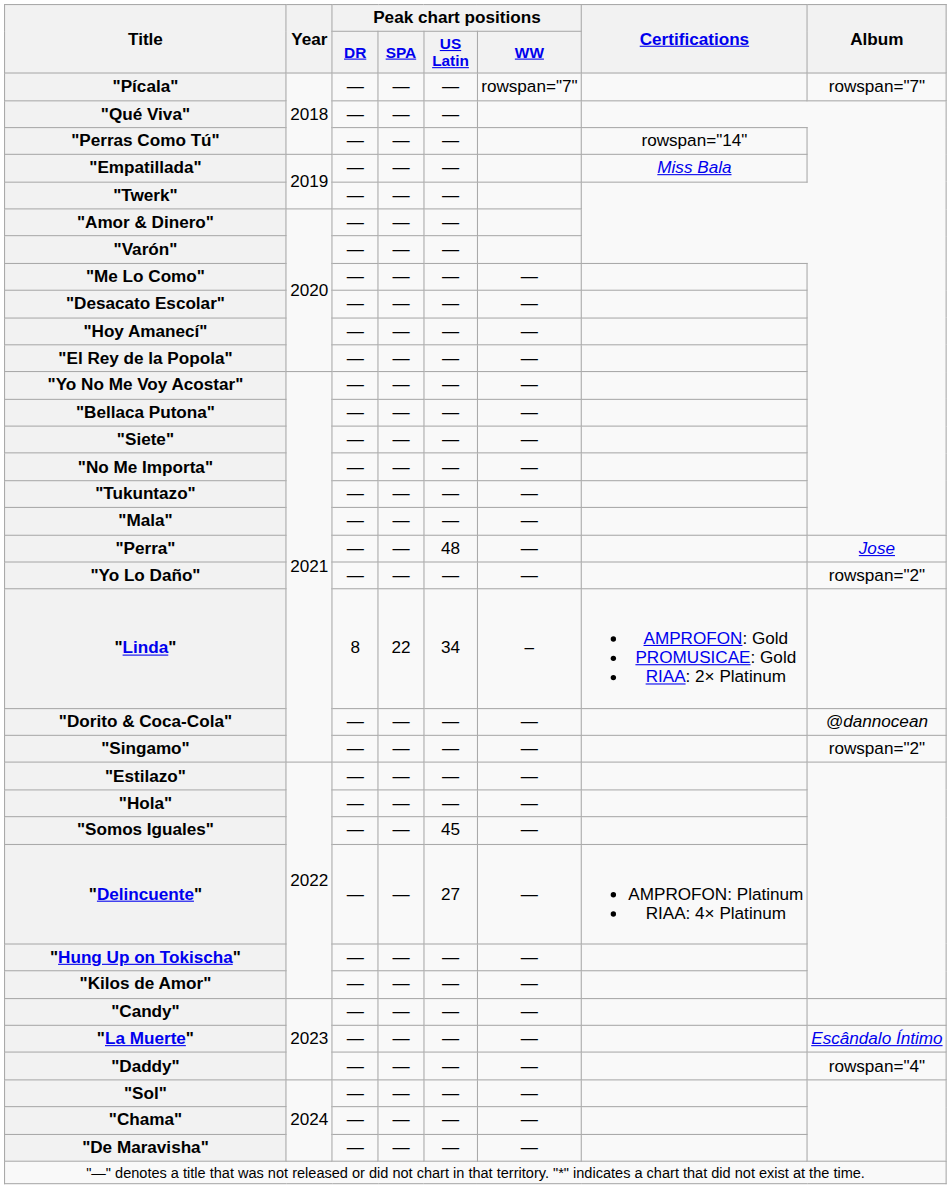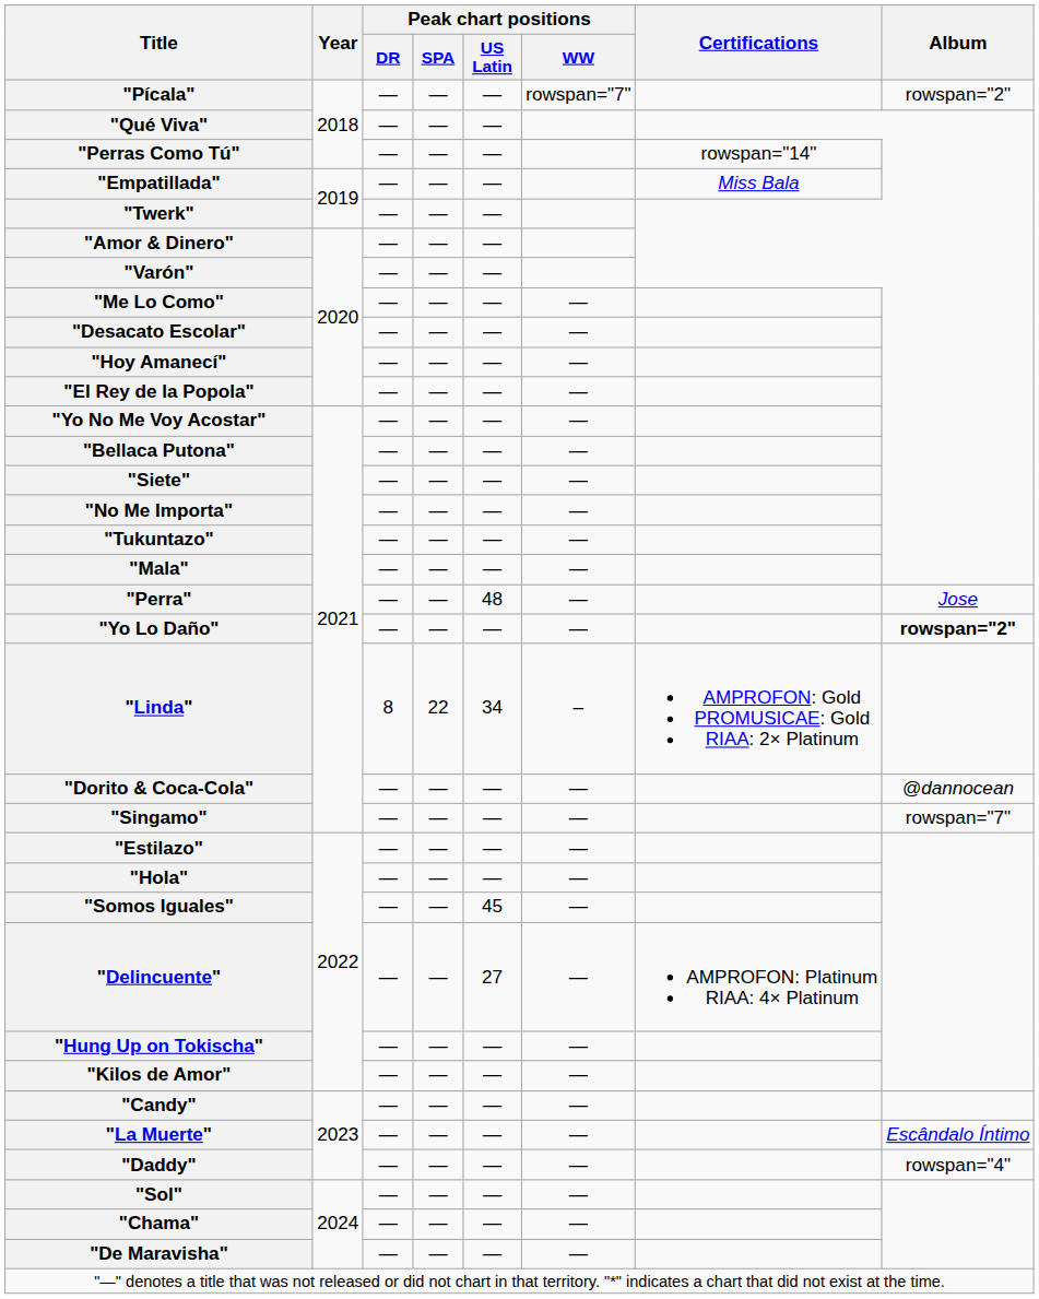 <table class="wikitable plainrowheaders" style="text-align:center">
 <tr>
 <th rowspan="2" scope="col" style="width:16em">Title</th>
 <th rowspan="2" scope="col" style="width:1em">Year</th>
 <th colspan="4" scope="col">Peak chart positions</th>
 <th rowspan="2" scope="col"><a href='#'>Certifications</a></th>
 <th rowspan="2" scope="col">Album</th>
 </tr>
 <tr>
 <th scope="col" style="width:2.5em;font-size:90%"><a href='#'>DR</a><br></th>
 <th scope="col" style="width:2.5em;font-size:90%"><a href='#'>SPA</a><br></th>
 <th scope="col" style="width:3em;font-size:90%;"><a href='#'>US<br>Latin</a><br></th>
 <th scope="col" style="width:3em;font-size:90%;"><a href='#'>WW</a></th>
 </tr>
 <tr>
 <th scope="row">"Pícala"<br></th>
 <td rowspan="3">2018</td>
 <td>—</td>
 <td>—</td>
 <td>—</td>
 <td>rowspan="7" </td>
 <td></td>
-<td>rowspan="7" </td>
+<td>rowspan="2" </td>
 </tr>
 <tr>
 <th scope="row">"Qué Viva"<br></th>
 <td>—</td>
 <td>—</td>
 <td>—</td>
 <td></td>
 </tr>
 <tr>
 <th scope="row">"Perras Como Tú"<br></th>
 <td>—</td>
 <td>—</td>
 <td>—</td>
 <td></td>
 <td>rowspan="14" </td>
 </tr>
 <tr>
 <th scope="row">"Empatillada"<br></th>
 <td rowspan="2">2019</td>
 <td>—</td>
 <td>—</td>
 <td>—</td>
 <td></td>
 <td><em><a href='#'>Miss Bala</a></em></td>
 </tr>
 <tr>
 <th scope="row">"Twerk"<br></th>
 <td>—</td>
 <td>—</td>
 <td>—</td>
 <td></td>
 </tr>
 <tr>
 <th scope="row">"Amor & Dinero"<br></th>
 <td rowspan="6">2020</td>
 <td>—</td>
 <td>—</td>
 <td>—</td>
 <td></td>
 </tr>
 <tr>
 <th scope="row">"Varón"</th>
 <td>—</td>
 <td>—</td>
 <td>—</td>
 <td></td>
 </tr>
 <tr>
 <th scope="row">"Me Lo Como"<br></th>
 <td>—</td>
 <td>—</td>
 <td>—</td>
 <td>—</td>
 <td></td>
 </tr>
 <tr>
 <th scope="row">"Desacato Escolar"<br></th>
 <td>—</td>
 <td>—</td>
 <td>—</td>
 <td>—</td>
 <td></td>
 </tr>
 <tr>
 <th scope="row">"Hoy Amanecí"<br></th>
 <td>—</td>
 <td>—</td>
 <td>—</td>
 <td>—</td>
 <td></td>
 </tr>
 <tr>
 <th scope="row">"El Rey de la Popola"<br></th>
 <td>—</td>
 <td>—</td>
 <td>—</td>
 <td>—</td>
 <td></td>
 </tr>
 <tr>
 <th scope="row">"Yo No Me Voy Acostar"<br></th>
 <td rowspan="11">2021</td>
 <td>—</td>
 <td>—</td>
 <td>—</td>
 <td>—</td>
 <td></td>
 </tr>
 <tr>
 <th scope="row">"Bellaca Putona"<br></th>
 <td>—</td>
 <td>—</td>
 <td>—</td>
 <td>—</td>
 <td></td>
 </tr>
 <tr>
 <th scope="row">"Siete"<br></th>
 <td>—</td>
 <td>—</td>
 <td>—</td>
 <td>—</td>
 <td></td>
 </tr>
 <tr>
 <th scope="row">"No Me Importa"<br></th>
 <td>—</td>
 <td>—</td>
 <td>—</td>
 <td>—</td>
 <td></td>
 </tr>
 <tr>
 <th scope="row">"Tukuntazo"<br></th>
 <td>—</td>
 <td>—</td>
 <td>—</td>
 <td>—</td>
 <td></td>
 </tr>
 <tr>
 <th scope="row">"Mala"<br></th>
 <td>—</td>
 <td>—</td>
 <td>—</td>
 <td>—</td>
 <td></td>
 </tr>
 <tr>
 <th scope="row">"Perra"<br></th>
 <td>—</td>
 <td>—</td>
 <td>48</td>
 <td>—</td>
 <td></td>
 <td><em><a href='#'>Jose</a></em></td>
 </tr>
 <tr>
 <th scope="row">"Yo Lo Daño" <br></th>
 <td>—</td>
 <td>—</td>
 <td>—</td>
 <td>—</td>
 <td></td>
-<td>rowspan="2" </td>
+<td><strong>rowspan="2" </strong></td>
 </tr>
 <tr>
 <th scope="row">"<a href='#'>Linda</a>"<br></th>
 <td>8</td>
 <td>22</td>
 <td>34</td>
 <td>–</td>
 <td><br><ul><li><a href='#'>AMPROFON</a>: Gold</li><li><a href='#'>PROMUSICAE</a>: Gold</li><li><a href='#'>RIAA</a>: 2× Platinum </li></ul></td>
 </tr>
 <tr>
 <th scope="row">"Dorito & Coca-Cola"<br></th>
 <td>—</td>
 <td>—</td>
 <td>—</td>
 <td>—</td>
 <td></td>
 <td><em>@dannocean</em></td>
 </tr>
 <tr>
 <th scope="row">"Singamo"<br></th>
 <td>—</td>
 <td>—</td>
 <td>—</td>
 <td>—</td>
 <td></td>
-<td>rowspan="2" </td>
+<td>rowspan="7" </td>
 </tr>
 <tr>
 <th scope="row">"Estilazo"<br></th>
 <td rowspan="6">2022</td>
 <td>—</td>
 <td>—</td>
 <td>—</td>
 <td>—</td>
 <td></td>
 </tr>
 <tr>
 <th scope="row">"Hola"<br></th>
 <td>—</td>
 <td>—</td>
 <td>—</td>
 <td>—</td>
 <td></td>
 </tr>
 <tr>
 <th scope="row">"Somos Iguales"<br></th>
 <td>—</td>
 <td>—</td>
 <td>45</td>
 <td>—</td>
 <td></td>
 </tr>
 <tr>
 <th scope="row">"<a href='#'>Delincuente</a>"<br></th>
 <td>—</td>
 <td>—</td>
 <td>27</td>
 <td>—</td>
 <td><br><ul><li>AMPROFON: Platinum</li><li>RIAA: 4× Platinum </li></ul></td>
 </tr>
 <tr>
 <th scope="row">"<a href='#'>Hung Up on Tokischa</a>"<br></th>
 <td>—</td>
 <td>—</td>
 <td>—</td>
 <td>—</td>
 <td></td>
 </tr>
 <tr>
 <th scope="row">"Kilos de Amor"<br></th>
 <td>—</td>
 <td>—</td>
 <td>—</td>
 <td>—</td>
 <td></td>
 </tr>
 <tr>
 <th scope="row">"Candy"</th>
 <td rowspan="3">2023</td>
 <td>—</td>
 <td>—</td>
 <td>—</td>
 <td>—</td>
 <td></td>
 <td></td>
 </tr>
 <tr>
 <th scope="row">"<a href='#'>La Muerte</a>"<br></th>
 <td>—</td>
 <td>—</td>
 <td>—</td>
 <td>—</td>
 <td></td>
 <td><em><a href='#'>Escândalo Íntimo</a></em></td>
 </tr>
 <tr>
 <th scope="row">"Daddy"<br></th>
 <td>—</td>
 <td>—</td>
 <td>—</td>
 <td>—</td>
 <td></td>
 <td>rowspan="4" </td>
 </tr>
 <tr>
 <th scope="row">"Sol"</th>
 <td rowspan="3">2024</td>
 <td>—</td>
 <td>—</td>
 <td>—</td>
 <td>—</td>
 <td></td>
 </tr>
 <tr>
 <th scope="row">"Chama" <br></th>
 <td>—</td>
 <td>—</td>
 <td>—</td>
 <td>—</td>
 <td></td>
 </tr>
 <tr>
 <th scope="row">"De Maravisha" <br></th>
 <td>—</td>
 <td>—</td>
 <td>—</td>
 <td>—</td>
 <td></td>
 </tr>
 <tr>
 <td colspan="14" style="font-size:85%">"—" denotes a title that was not released or did not chart in that territory. "*" indicates a chart that did not exist at the time.</td>
 </tr>
 </table>
